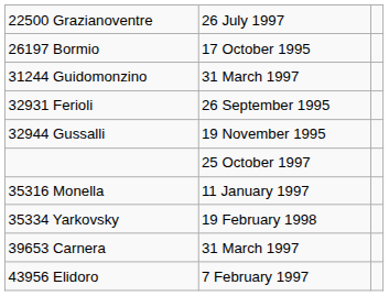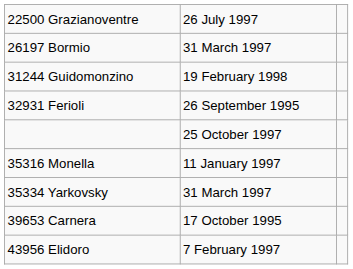 <table class="wikitable" style="font-size: 89%; float: left; width: 26em; margin-right: 1em; height: 280px;">
 <tr>
 <td>22500 Grazianoventre</td>
 <td>26 July 1997</td>
 <td> </td>
 </tr>
 <tr>
 <td>26197 Bormio</td>
-<td>17 October 1995</td>
+<td>31 March 1997</td>
 <td> </td>
 </tr>
 <tr>
 <td>31244 Guidomonzino</td>
-<td>31 March 1997</td>
+<td>19 February 1998</td>
 <td> </td>
 </tr>
 <tr>
 <td>32931 Ferioli</td>
 <td>26 September 1995</td>
-<td> </td>
-</tr>
-<tr>
-<td>32944 Gussalli</td>
-<td>19 November 1995</td>
 <td> </td>
 </tr>
 <tr>
 <td></td>
 <td>25 October 1997</td>
 <td> </td>
 </tr>
 <tr>
 <td>35316 Monella</td>
 <td>11 January 1997</td>
 <td> </td>
 </tr>
 <tr>
 <td>35334 Yarkovsky</td>
-<td>19 February 1998</td>
+<td>31 March 1997</td>
 <td> </td>
 </tr>
 <tr>
 <td>39653 Carnera</td>
-<td>31 March 1997</td>
+<td>17 October 1995</td>
 <td> </td>
 </tr>
 <tr>
 <td>43956 Elidoro</td>
 <td>7 February 1997</td>
 <td> </td>
 </tr>
 </table>
